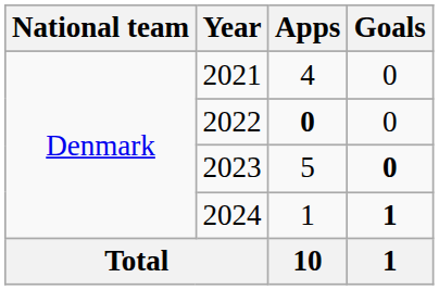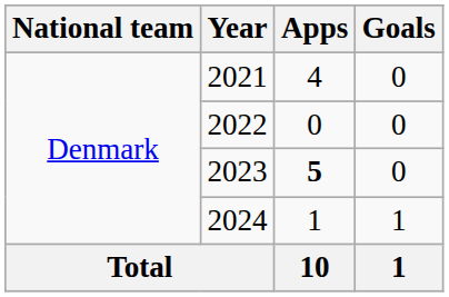 <table class=wikitable style=text-align:center>
 <tr>
 <th>National team</th>
 <th>Year</th>
 <th>Apps</th>
 <th>Goals</th>
 </tr>
 <tr>
 <td rowspan=4><a href='#'>Denmark</a></td>
 <td>2021</td>
 <td>4</td>
 <td>0</td>
 </tr>
 <tr>
 <td>2022</td>
-<td><strong>0</strong></td>
+<td>0</td>
 <td>0</td>
 </tr>
 <tr>
 <td>2023</td>
-<td>5</td>
-<td><strong>0</strong></td>
+<td><strong>5</strong></td>
+<td>0</td>
 </tr>
 <tr>
 <td>2024</td>
 <td>1</td>
-<td><strong>1</strong></td>
+<td>1</td>
 </tr>
 <tr>
 <th colspan=2>Total</th>
 <th>10</th>
 <th>1</th>
 </tr>
 </table>
